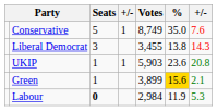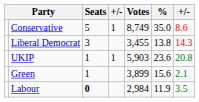 <table class="wikitable sortable">
 <tr>
 <th colspan="2">Party</th>
 <th>Seats</th>
 <th>+/-</th>
 <th>Votes</th>
 <th>%</th>
 <th>+/-</th>
 </tr>
 <tr>
 <td style="background-color: "></td>
 <td><a href='#'>Conservative</a></td>
 <td>5</td>
 <td> 1</td>
 <td>8,749</td>
 <td>35.0</td>
-<td style="color:red">7.6</td>
+<td style="color:red">8.6</td>
 </tr>
 <tr>
 <td style="background-color: "></td>
 <td><a href='#'>Liberal Democrat</a></td>
 <td>3</td>
 <td></td>
 <td>3,455</td>
 <td>13.8</td>
 <td style="color:red">14.3</td>
 </tr>
 <tr>
 <td style="background-color: "></td>
 <td><a href='#'>UKIP</a></td>
 <td>1</td>
 <td> 1</td>
 <td>5,903</td>
 <td>23.6</td>
 <td style="color:green">20.8</td>
 </tr>
 <tr>
 <td style="background-color: "></td>
 <td><a href='#'>Green</a></td>
 <td>1</td>
 <td></td>
 <td>3,899</td>
-<td style="background: gold;">15.6</td>
+<td>15.6</td>
 <td style="color:green">2.1</td>
 </tr>
 <tr>
 <td style="background-color: "></td>
 <td><a href='#'>Labour</a></td>
 <td><strong>0</strong></td>
 <td></td>
 <td>2,984</td>
 <td>11.9</td>
-<td style="color:green">5.3</td>
+<td style="color:green">3.5</td>
 </tr>
 </table>
